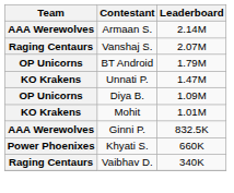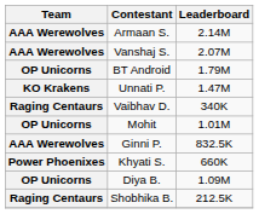 <table class="wikitable" style="text-align:center; font-size:85%;">
 <tr>
 <th>Team</th>
 <th>Contestant</th>
 <th>Leaderboard</th>
 </tr>
 <tr>
 <th>AAA Werewolves</th>
 <td>Armaan S.</td>
 <td>2.14M</td>
 </tr>
 <tr>
-<th>Raging Centaurs</th>
+<th>AAA Werewolves</th>
 <td>Vanshaj S.</td>
 <td>2.07M</td>
 </tr>
 <tr>
 <th>OP Unicorns</th>
 <td>BT Android</td>
 <td>1.79M</td>
 </tr>
 <tr>
 <th>KO Krakens</th>
 <td>Unnati P.</td>
 <td>1.47M</td>
 </tr>
 <tr>
-<th>OP Unicorns</th>
-<td>Diya B.</td>
-<td>1.09M</td>
+<th>Raging Centaurs</th>
+<td>Vaibhav D.</td>
+<td>340K</td>
 </tr>
 <tr>
-<th>KO Krakens</th>
+<th>OP Unicorns</th>
 <td>Mohit</td>
 <td>1.01M</td>
 </tr>
 <tr>
 <th>AAA Werewolves</th>
 <td>Ginni P.</td>
 <td>832.5K</td>
 </tr>
 <tr>
 <th>Power Phoenixes</th>
 <td>Khyati S.</td>
 <td>660K</td>
 </tr>
 <tr>
+<th>OP Unicorns</th>
+<td>Diya B.</td>
+<td>1.09M</td>
+</tr>
+<tr>
 <th>Raging Centaurs</th>
-<td>Vaibhav D.</td>
-<td>340K</td>
+<td>Shobhika B.</td>
+<td>212.5K</td>
 </tr>
 <tr>
 </tr>
 </table>
